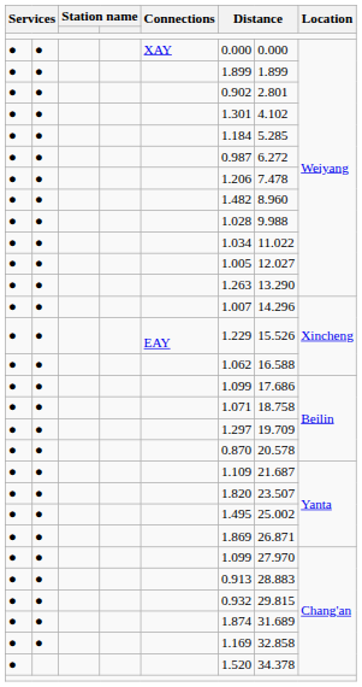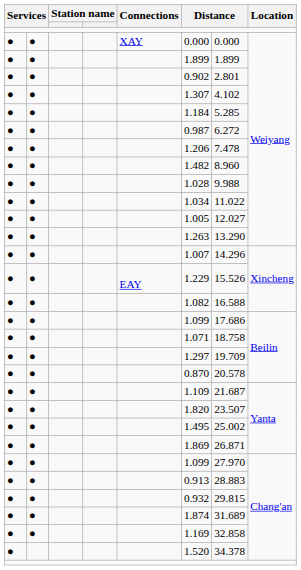 <table class="wikitable">
 <tr>
 <th colspan="2" rowspan="2">Services</th>
 <th colspan="2">Station name</th>
 <th rowspan="2">Connections</th>
 <th colspan="2" rowspan="2">Distance<br></th>
 <th rowspan="2">Location</th>
 </tr>
 <tr>
 <th></th>
 <th></th>
 </tr>
 <tr style="background:#">
 <td colspan = "8"></td>
 </tr>
 <tr>
 <td>●</td>
 <td>●</td>
 <td></td>
 <td></td>
 <td> <a href='#'>XAY</a></td>
 <td>0.000</td>
 <td>0.000</td>
 <td rowspan= "12"><a href='#'>Weiyang</a></td>
 </tr>
 <tr>
 <td>●</td>
 <td>●</td>
 <td></td>
 <td></td>
 <td></td>
 <td>1.899</td>
 <td>1.899</td>
 </tr>
 <tr>
 <td>●</td>
 <td>●</td>
 <td></td>
 <td></td>
 <td></td>
 <td>0.902</td>
 <td>2.801</td>
 </tr>
 <tr>
 <td>●</td>
 <td>●</td>
 <td></td>
 <td></td>
 <td></td>
-<td>1.301</td>
+<td>1.307</td>
 <td>4.102</td>
 </tr>
 <tr>
 <td>●</td>
 <td>●</td>
 <td></td>
 <td></td>
 <td></td>
 <td>1.184</td>
 <td>5.285</td>
 </tr>
 <tr>
 <td>●</td>
 <td>●</td>
 <td></td>
 <td></td>
 <td></td>
 <td>0.987</td>
 <td>6.272</td>
 </tr>
 <tr>
 <td>●</td>
 <td>●</td>
 <td></td>
 <td></td>
 <td></td>
 <td>1.206</td>
 <td>7.478</td>
 </tr>
 <tr>
 <td>●</td>
 <td>●</td>
 <td></td>
 <td></td>
 <td></td>
 <td>1.482</td>
 <td>8.960</td>
 </tr>
 <tr>
 <td>●</td>
 <td>●</td>
 <td></td>
 <td></td>
 <td></td>
 <td>1.028</td>
 <td>9.988</td>
 </tr>
 <tr>
 <td>●</td>
 <td>●</td>
 <td></td>
 <td></td>
 <td></td>
 <td>1.034</td>
 <td>11.022</td>
 </tr>
 <tr>
 <td>●</td>
 <td>●</td>
 <td></td>
 <td></td>
 <td></td>
 <td>1.005</td>
 <td>12.027</td>
 </tr>
 <tr>
 <td>●</td>
 <td>●</td>
 <td></td>
 <td></td>
 <td></td>
 <td>1.263</td>
 <td>13.290</td>
 </tr>
 <tr>
 <td>●</td>
 <td>●</td>
 <td></td>
 <td></td>
 <td></td>
 <td>1.007</td>
 <td>14.296</td>
 <td rowspan= "3"><a href='#'>Xincheng</a></td>
 </tr>
 <tr>
 <td>●</td>
 <td>●</td>
 <td></td>
 <td></td>
 <td> <br> <a href='#'>EAY</a></td>
 <td>1.229</td>
 <td>15.526</td>
 </tr>
 <tr>
 <td>●</td>
 <td>●</td>
 <td></td>
 <td></td>
 <td></td>
-<td>1.062</td>
+<td>1.082</td>
 <td>16.588</td>
 </tr>
 <tr>
 <td>●</td>
 <td>●</td>
 <td></td>
 <td></td>
 <td></td>
 <td>1.099</td>
 <td>17.686</td>
 <td rowspan= "4"><a href='#'>Beilin</a></td>
 </tr>
 <tr>
 <td>●</td>
 <td>●</td>
 <td></td>
 <td></td>
 <td></td>
 <td>1.071</td>
 <td>18.758</td>
 </tr>
 <tr>
 <td>●</td>
 <td>●</td>
 <td></td>
 <td></td>
 <td></td>
 <td>1.297</td>
 <td>19.709</td>
 </tr>
 <tr>
 <td>●</td>
 <td>●</td>
 <td></td>
 <td></td>
 <td></td>
 <td>0.870</td>
 <td>20.578</td>
 </tr>
 <tr>
 <td>●</td>
 <td>●</td>
 <td></td>
 <td></td>
 <td></td>
 <td>1.109</td>
 <td>21.687</td>
 <td rowspan= "4"><a href='#'>Yanta</a></td>
 </tr>
 <tr>
 <td>●</td>
 <td>●</td>
 <td></td>
 <td></td>
 <td></td>
 <td>1.820</td>
 <td>23.507</td>
 </tr>
 <tr>
 <td>●</td>
 <td>●</td>
 <td></td>
 <td></td>
 <td></td>
 <td>1.495</td>
 <td>25.002</td>
 </tr>
 <tr>
 <td>●</td>
 <td>●</td>
 <td></td>
 <td></td>
 <td></td>
 <td>1.869</td>
 <td>26.871</td>
 </tr>
 <tr>
 <td>●</td>
 <td>●</td>
 <td></td>
 <td></td>
 <td></td>
 <td>1.099</td>
 <td>27.970</td>
 <td rowspan= "6"><a href='#'>Chang'an</a></td>
 </tr>
 <tr>
 <td>●</td>
 <td>●</td>
 <td></td>
 <td></td>
 <td></td>
 <td>0.913</td>
 <td>28.883</td>
 </tr>
 <tr>
 <td>●</td>
 <td>●</td>
 <td></td>
 <td></td>
 <td></td>
 <td>0.932</td>
 <td>29.815</td>
 </tr>
 <tr>
 <td>●</td>
 <td>●</td>
 <td></td>
 <td></td>
 <td></td>
 <td>1.874</td>
 <td>31.689</td>
 </tr>
 <tr>
 <td>●</td>
 <td>●</td>
 <td></td>
 <td></td>
 <td></td>
 <td>1.169</td>
 <td>32.858</td>
 </tr>
 <tr>
 <td>●</td>
 <td></td>
 <td></td>
 <td></td>
 <td></td>
 <td>1.520</td>
 <td>34.378</td>
 </tr>
 <tr style="background:#">
 <td colspan = "8"></td>
 </tr>
 </table>
